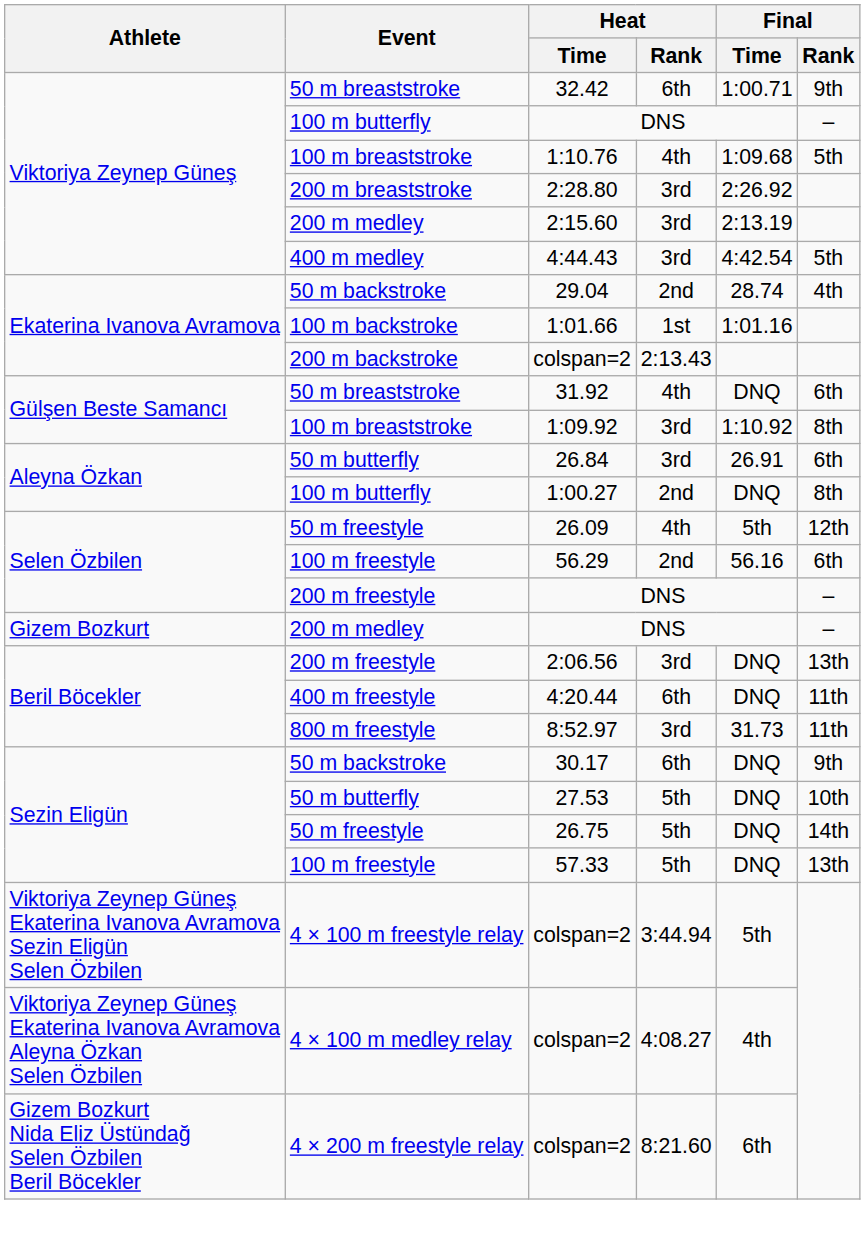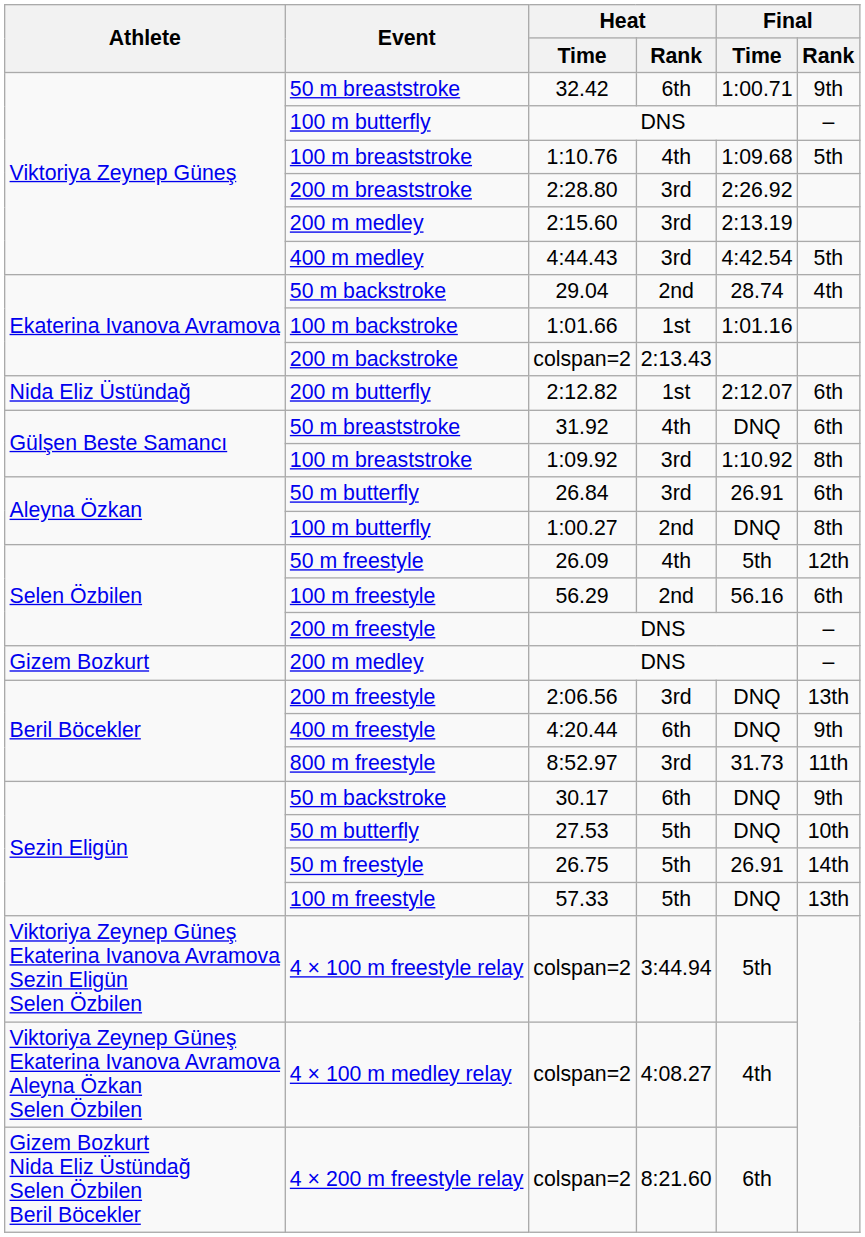 <table class=wikitable>
 <tr>
 <th rowspan="2">Athlete</th>
 <th rowspan="2">Event</th>
 <th colspan="2">Heat</th>
 <th colspan="2">Final</th>
 </tr>
 <tr>
 <th>Time</th>
 <th>Rank</th>
 <th>Time</th>
 <th>Rank</th>
 </tr>
 <tr align=center>
 <td align=left rowspan=6><a href='#'>Viktoriya Zeynep Güneş</a></td>
 <td align=left><a href='#'>50 m breaststroke</a></td>
 <td>32.42</td>
 <td>6th</td>
 <td>1:00.71</td>
 <td>9th</td>
 </tr>
 <tr align=center>
 <td align=left><a href='#'>100 m butterfly</a></td>
 <td colspan=3>DNS</td>
 <td>–</td>
 </tr>
 <tr align=center>
 <td align=left><a href='#'>100 m breaststroke</a></td>
 <td>1:10.76</td>
 <td>4th</td>
 <td>1:09.68</td>
 <td>5th</td>
 </tr>
 <tr align=center>
 <td align=left><a href='#'>200 m breaststroke</a></td>
 <td>2:28.80</td>
 <td>3rd</td>
 <td>2:26.92</td>
 <td></td>
 </tr>
 <tr align=center>
 <td align=left><a href='#'>200 m medley</a></td>
 <td>2:15.60</td>
 <td>3rd</td>
 <td>2:13.19</td>
 <td></td>
 </tr>
 <tr align=center>
 <td align=left><a href='#'>400 m medley</a></td>
 <td>4:44.43</td>
 <td>3rd</td>
 <td>4:42.54</td>
 <td>5th</td>
 </tr>
 <tr align=center>
 <td align=left rowspan=3><a href='#'>Ekaterina Ivanova Avramova</a></td>
 <td align=left><a href='#'>50 m backstroke</a></td>
 <td>29.04</td>
 <td>2nd</td>
 <td>28.74</td>
 <td>4th</td>
 </tr>
 <tr align=center>
 <td align=left><a href='#'>100 m backstroke</a></td>
 <td>1:01.66</td>
 <td>1st</td>
 <td>1:01.16</td>
 <td></td>
 </tr>
 <tr align=center>
 <td align=left><a href='#'>200 m backstroke</a></td>
 <td>colspan=2 </td>
 <td>2:13.43</td>
 <td></td>
 </tr>
 <tr align=center>
+<td align=left><a href='#'>Nida Eliz Üstündağ</a></td>
+<td align=left><a href='#'>200 m butterfly</a></td>
+<td>2:12.82</td>
+<td>1st</td>
+<td>2:12.07</td>
+<td>6th</td>
+</tr>
+<tr align=center>
 <td align=left rowspan=2><a href='#'>Gülşen Beste Samancı</a></td>
 <td align=left><a href='#'>50 m breaststroke</a></td>
 <td>31.92</td>
 <td>4th</td>
 <td>DNQ</td>
 <td>6th</td>
 </tr>
 <tr align=center>
 <td align=left><a href='#'>100 m breaststroke</a></td>
 <td>1:09.92</td>
 <td>3rd</td>
 <td>1:10.92</td>
 <td>8th</td>
 </tr>
 <tr align=center>
 <td align=left rowspan=2><a href='#'>Aleyna Özkan</a></td>
 <td align=left><a href='#'>50 m butterfly</a></td>
 <td>26.84</td>
 <td>3rd</td>
 <td>26.91</td>
 <td>6th</td>
 </tr>
 <tr align=center>
 <td align=left><a href='#'>100 m butterfly</a></td>
 <td>1:00.27</td>
 <td>2nd</td>
 <td>DNQ</td>
 <td>8th</td>
 </tr>
 <tr align=center>
 <td align=left rowspan=3><a href='#'>Selen Özbilen</a></td>
 <td align=left><a href='#'>50 m freestyle</a></td>
 <td>26.09</td>
 <td>4th</td>
 <td>5th</td>
 <td>12th</td>
 </tr>
 <tr align=center>
 <td align=left><a href='#'>100 m freestyle</a></td>
 <td>56.29</td>
 <td>2nd</td>
 <td>56.16</td>
 <td>6th</td>
 </tr>
 <tr align=center>
 <td align=left><a href='#'>200 m freestyle</a></td>
 <td colspan=3>DNS</td>
 <td>–</td>
 </tr>
 <tr align=center>
 <td align=left><a href='#'>Gizem Bozkurt</a></td>
 <td align=left><a href='#'>200 m medley</a></td>
 <td colspan=3>DNS</td>
 <td>–</td>
 </tr>
 <tr align=center>
 <td align=left rowspan=3><a href='#'>Beril Böcekler</a></td>
 <td align=left><a href='#'>200 m freestyle</a></td>
 <td>2:06.56</td>
 <td>3rd</td>
 <td>DNQ</td>
 <td>13th</td>
 </tr>
 <tr align=center>
 <td align=left><a href='#'>400 m freestyle</a></td>
 <td>4:20.44</td>
 <td>6th</td>
 <td>DNQ</td>
-<td>11th</td>
+<td>9th</td>
 </tr>
 <tr align=center>
 <td align=left><a href='#'>800 m freestyle</a></td>
 <td>8:52.97</td>
 <td>3rd</td>
 <td>31.73</td>
 <td>11th</td>
 </tr>
 <tr align=center>
 <td align=left rowspan=4><a href='#'>Sezin Eligün</a></td>
 <td align=left><a href='#'>50 m backstroke</a></td>
 <td>30.17</td>
 <td>6th</td>
 <td>DNQ</td>
 <td>9th</td>
 </tr>
 <tr align=center>
 <td align=left><a href='#'>50 m butterfly</a></td>
 <td>27.53</td>
 <td>5th</td>
 <td>DNQ</td>
 <td>10th</td>
 </tr>
 <tr align=center>
 <td align=left><a href='#'>50 m freestyle</a></td>
 <td>26.75</td>
 <td>5th</td>
-<td>DNQ</td>
+<td>26.91</td>
 <td>14th</td>
 </tr>
 <tr align=center>
 <td align=left><a href='#'>100 m freestyle</a></td>
 <td>57.33</td>
 <td>5th</td>
 <td>DNQ</td>
 <td>13th</td>
 </tr>
 <tr align=center>
 <td align=left><a href='#'>Viktoriya Zeynep Güneş</a><br><a href='#'>Ekaterina Ivanova Avramova</a><br><a href='#'>Sezin Eligün</a><br><a href='#'>Selen Özbilen</a></td>
 <td align=left><a href='#'>4 × 100 m freestyle relay</a></td>
 <td>colspan=2 </td>
 <td>3:44.94</td>
 <td>5th</td>
 </tr>
 <tr align=center>
 <td align=left><a href='#'>Viktoriya Zeynep Güneş</a><br><a href='#'>Ekaterina Ivanova Avramova</a><br><a href='#'>Aleyna Özkan</a><br><a href='#'>Selen Özbilen</a></td>
 <td align=left><a href='#'>4 × 100 m medley relay</a></td>
 <td>colspan=2 </td>
 <td>4:08.27</td>
 <td>4th</td>
 </tr>
 <tr align=center>
 <td align=left><a href='#'>Gizem Bozkurt</a><br><a href='#'>Nida Eliz Üstündağ</a><br><a href='#'>Selen Özbilen</a><br><a href='#'>Beril Böcekler</a></td>
 <td align=left><a href='#'>4 × 200 m freestyle relay</a></td>
 <td>colspan=2 </td>
 <td>8:21.60</td>
 <td>6th</td>
 </tr>
 </table>
